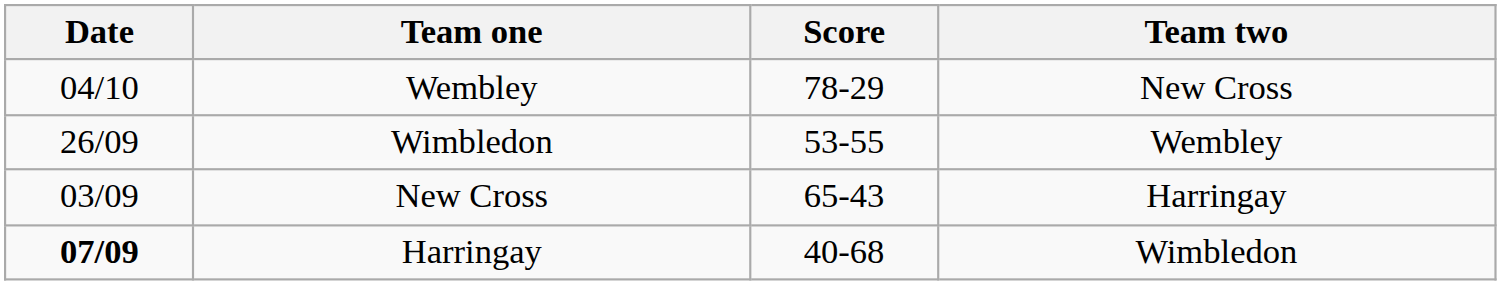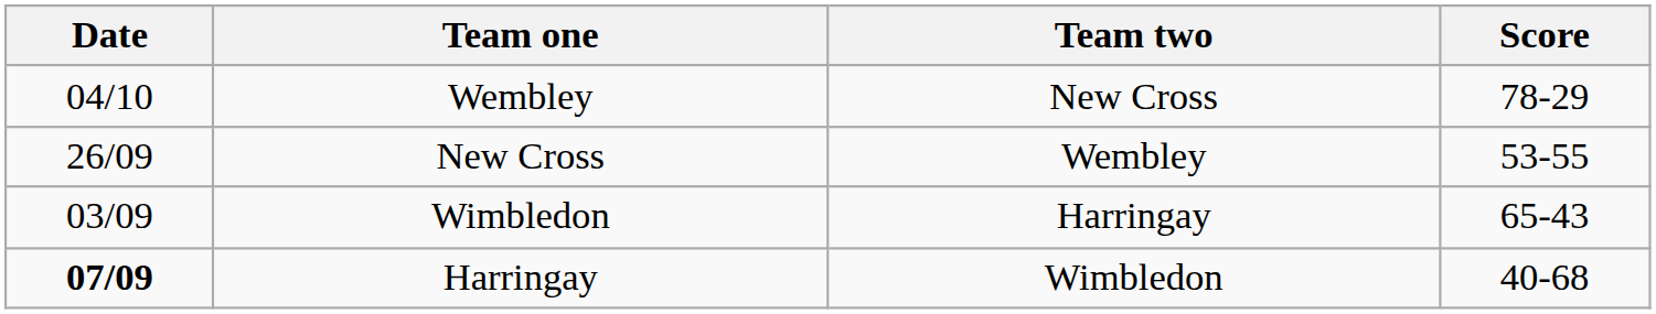 <table class="wikitable" style="text-align: center">
 <tr>
 <th width=80>Date</th>
 <th width=250>Team one</th>
+<th width=250>Team two</th>
 <th width=80>Score</th>
-<th width=250>Team two</th>
 </tr>
 <tr>
 <td>04/10</td>
 <td>Wembley</td>
+<td>New Cross</td>
 <td>78-29</td>
-<td>New Cross</td>
 </tr>
 <tr>
 <td>26/09</td>
-<td>Wimbledon</td>
+<td>New Cross</td>
+<td>Wembley</td>
 <td>53-55</td>
-<td>Wembley</td>
 </tr>
 <tr>
 <td>03/09</td>
-<td>New Cross</td>
+<td>Wimbledon</td>
+<td>Harringay</td>
 <td>65-43</td>
-<td>Harringay</td>
 </tr>
 <tr>
 <td><strong>07/09</strong></td>
 <td>Harringay</td>
+<td>Wimbledon</td>
 <td>40-68</td>
-<td>Wimbledon</td>
 </tr>
 </table>
